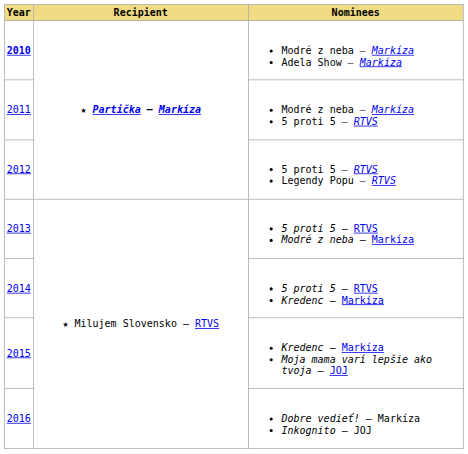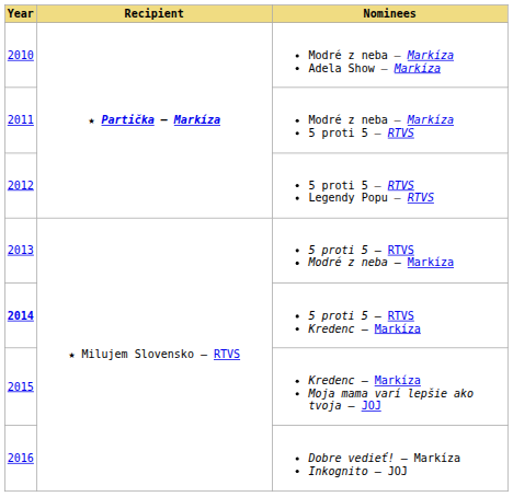 <table class=wikitable sortable style="background:white">
 <tr>
 <th style=background:#F0DC82>Year</th>
 <th style=background:#F0DC82 width=273>Recipient</th>
 <th style=background:#F0DC82 width=273>Nominees</th>
 </tr>
 <tr>
-<td><strong><a href='#'>2010</a></strong></td>
+<td><a href='#'>2010</a></td>
 <td align=center rowspan=3>★ <strong><em><a href='#'>Partička</a><em> – <a href='#'>Markíza</a><strong> <br></td>
 <td><br><ul><li></em>Modré z neba<em> – <a href='#'>Markíza</a></li><li></em>Adela Show<em> – <a href='#'>Markíza</a></li></ul></td>
 </tr>
 <tr>
 <td><a href='#'>2011</a></td>
 <td><br><ul><li></em>Modré z neba<em> – <a href='#'>Markíza</a></li><li></em>5 proti 5<em> – <a href='#'>RTVS</a></li></ul></td>
 </tr>
 <tr>
 <td><a href='#'>2012</a></td>
 <td><br><ul><li></em>5 proti 5<em> – <a href='#'>RTVS</a></li><li></em>Legendy Popu<em> – <a href='#'>RTVS</a></li></ul></td>
 </tr>
 <tr>
 <td><a href='#'>2013</a></td>
 <td align=center rowspan=4>★ </em></strong>Milujem Slovensko</em> – <a href='#'>RTVS</a></strong> <br></td>
 <td><br><ul><li><em>5 proti 5</em> – <a href='#'>RTVS</a></li><li><em>Modré z neba</em> – <a href='#'>Markíza</a></li></ul></td>
 </tr>
 <tr>
-<td><a href='#'>2014</a></td>
+<td><strong><a href='#'>2014</a></strong></td>
 <td><br><ul><li><em>5 proti 5</em> – <a href='#'>RTVS</a></li><li><em>Kredenc</em> – <a href='#'>Markíza</a></li></ul></td>
 </tr>
 <tr>
 <td><a href='#'>2015</a></td>
 <td><br><ul><li><em>Kredenc</em> – <a href='#'>Markíza</a></li><li><em>Moja mama varí lepšie ako tvoja</em> – <a href='#'>JOJ</a></li></ul></td>
 </tr>
 <tr>
 <td><a href='#'>2016</a></td>
 <td><br><ul><li><em>Dobre vedieť!</em> – Markíza</li><li><em>Inkognito</em> – JOJ</li></ul></td>
 </tr>
 </table>
